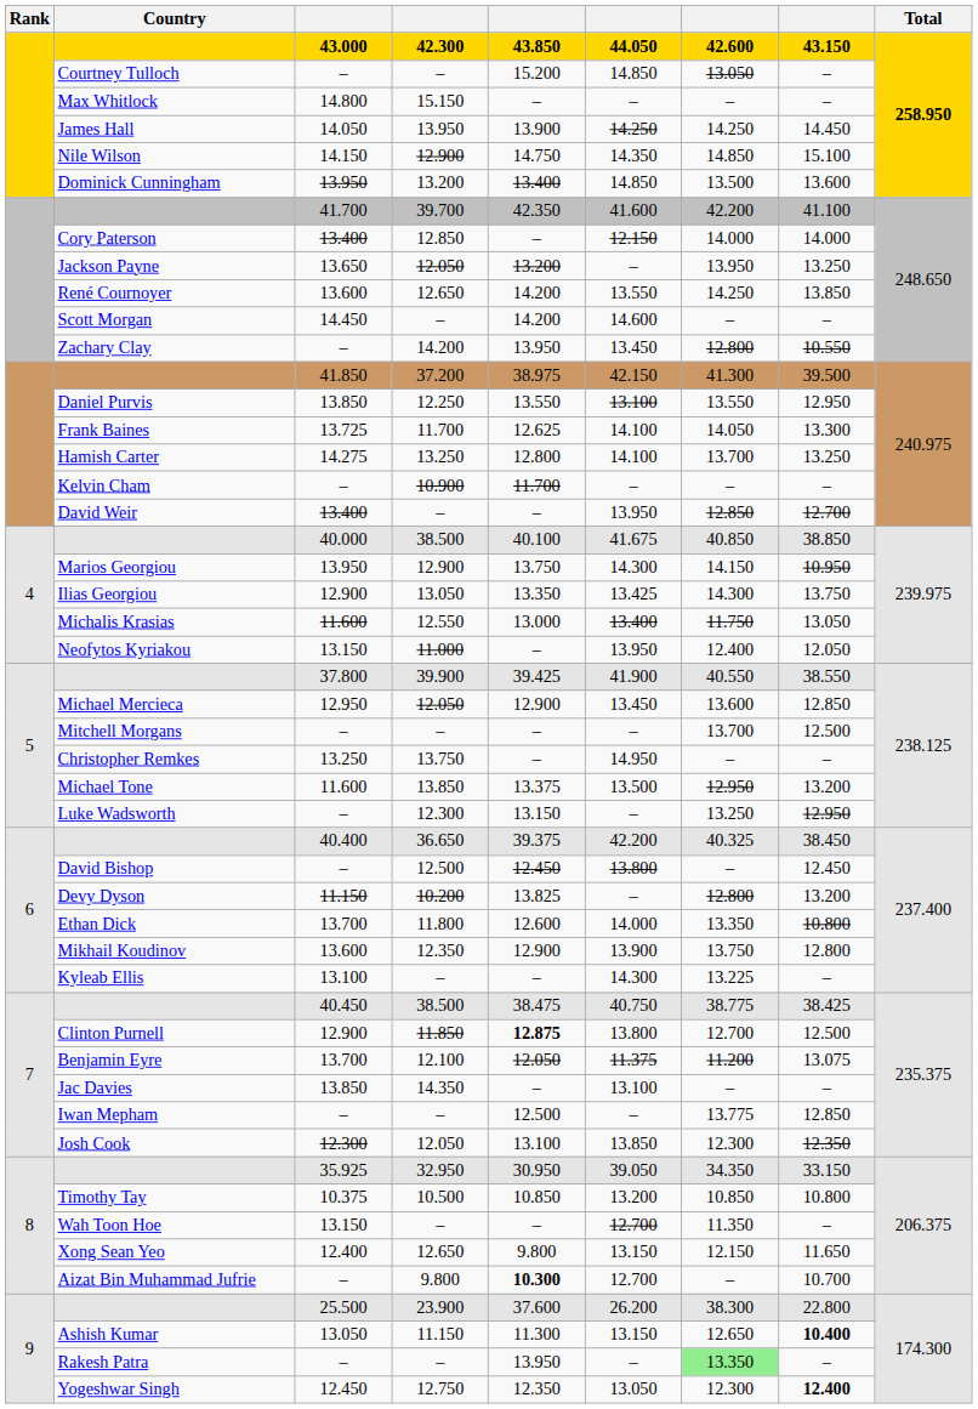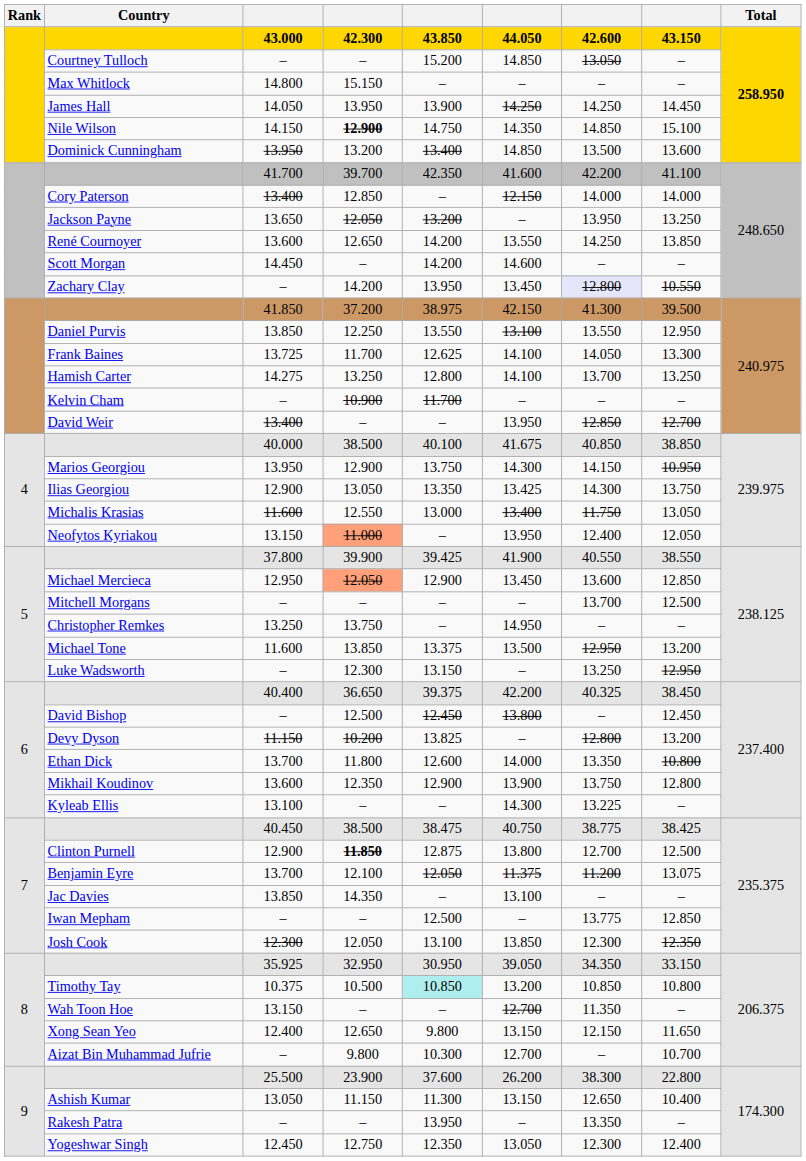 <table class="wikitable">
 <tr>
 <th width="5%">Rank</th>
 <th width="25%">Country</th>
 <th width="10%"></th>
 <th width="10%"></th>
 <th width="10%"></th>
 <th width="10%"></th>
 <th width="10%"></th>
 <th width="10%"></th>
 <th width="10%">Total</th>
 </tr>
 <tr bgcolor=gold>
 <td rowspan=6 align="center"></td>
 <td><strong></strong></td>
 <td align="center"><strong>43.000</strong></td>
 <td align="center"><strong>42.300</strong></td>
 <td align="center"><strong>43.850</strong></td>
 <td align="center"><strong>44.050</strong></td>
 <td align="center"><strong>42.600</strong></td>
 <td align="center"><strong>43.150</strong></td>
 <td align="center" rowspan=6><strong>258.950</strong></td>
 </tr>
 <tr>
 <td><a href='#'>Courtney Tulloch</a></td>
 <td align="center">–</td>
 <td align="center">–</td>
 <td align="center">15.200</td>
 <td align="center">14.850</td>
 <td align="center"><s>13.050</s></td>
 <td align="center">–</td>
 </tr>
 <tr>
 <td><a href='#'>Max Whitlock</a></td>
 <td align="center">14.800</td>
 <td align="center">15.150</td>
 <td align="center">–</td>
 <td align="center">–</td>
 <td align="center">–</td>
 <td align="center">–</td>
 </tr>
 <tr>
 <td><a href='#'>James Hall</a></td>
 <td align="center">14.050</td>
 <td align="center">13.950</td>
 <td align="center">13.900</td>
 <td align="center"><s>14.250</s></td>
 <td align="center">14.250</td>
 <td align="center">14.450</td>
 </tr>
 <tr>
 <td><a href='#'>Nile Wilson</a></td>
 <td align="center">14.150</td>
-<td align="center"><s>12.900</s></td>
+<td align="center"><strong><s>12.900</s></strong></td>
 <td align="center">14.750</td>
 <td align="center">14.350</td>
 <td align="center">14.850</td>
 <td align="center">15.100</td>
 </tr>
 <tr>
 <td><a href='#'>Dominick Cunningham</a></td>
 <td align="center"><s>13.950</s></td>
 <td align="center">13.200</td>
 <td align="center"><s>13.400</s></td>
 <td align="center">14.850</td>
 <td align="center">13.500</td>
 <td align="center">13.600</td>
 </tr>
 <tr bgcolor=silver>
 <td rowspan=6 align="center"></td>
 <td><strong></strong></td>
 <td align="center">41.700</td>
 <td align="center">39.700</td>
 <td align="center">42.350</td>
 <td align="center">41.600</td>
 <td align="center">42.200</td>
 <td align="center">41.100</td>
 <td align="center" rowspan=6>248.650</td>
 </tr>
 <tr>
 <td><a href='#'>Cory Paterson</a></td>
 <td align="center"><s>13.400</s></td>
 <td align="center">12.850</td>
 <td align="center">–</td>
 <td align="center"><s>12.150</s></td>
 <td align="center">14.000</td>
 <td align="center">14.000</td>
 </tr>
 <tr>
 <td><a href='#'>Jackson Payne</a></td>
 <td align="center">13.650</td>
 <td align="center"><s>12.050</s></td>
 <td align="center"><s>13.200</s></td>
 <td align="center">–</td>
 <td align="center">13.950</td>
 <td align="center">13.250</td>
 </tr>
 <tr>
 <td><a href='#'>René Cournoyer</a></td>
 <td align="center">13.600</td>
 <td align="center">12.650</td>
 <td align="center">14.200</td>
 <td align="center">13.550</td>
 <td align="center">14.250</td>
 <td align="center">13.850</td>
 </tr>
 <tr>
 <td><a href='#'>Scott Morgan</a></td>
 <td align="center">14.450</td>
 <td align="center">–</td>
 <td align="center">14.200</td>
 <td align="center">14.600</td>
 <td align="center">–</td>
 <td align="center">–</td>
 </tr>
 <tr>
 <td><a href='#'>Zachary Clay</a></td>
 <td align="center">–</td>
 <td align="center">14.200</td>
 <td align="center">13.950</td>
 <td align="center">13.450</td>
-<td align="center"><s>12.800</s></td>
+<td align="center" style="background: lavender;"><s>12.800</s></td>
 <td align="center"><s>10.550</s></td>
 </tr>
 <tr bgcolor=cc9966>
 <td rowspan=6 align="center"></td>
 <td><strong></strong></td>
 <td align="center">41.850</td>
 <td align="center">37.200</td>
 <td align="center">38.975</td>
 <td align="center">42.150</td>
 <td align="center">41.300</td>
 <td align="center">39.500</td>
 <td align="center" rowspan=6>240.975</td>
 </tr>
 <tr>
 <td><a href='#'>Daniel Purvis</a></td>
 <td align="center">13.850</td>
 <td align="center">12.250</td>
 <td align="center">13.550</td>
 <td align="center"><s>13.100</s></td>
 <td align="center">13.550</td>
 <td align="center">12.950</td>
 </tr>
 <tr>
 <td><a href='#'>Frank Baines</a></td>
 <td align="center">13.725</td>
 <td align="center">11.700</td>
 <td align="center">12.625</td>
 <td align="center">14.100</td>
 <td align="center">14.050</td>
 <td align="center">13.300</td>
 </tr>
 <tr>
 <td><a href='#'>Hamish Carter</a></td>
 <td align="center">14.275</td>
 <td align="center">13.250</td>
 <td align="center">12.800</td>
 <td align="center">14.100</td>
 <td align="center">13.700</td>
 <td align="center">13.250</td>
 </tr>
 <tr>
 <td><a href='#'>Kelvin Cham</a></td>
 <td align="center">–</td>
 <td align="center"><s>10.900</s></td>
 <td align="center"><s>11.700</s></td>
 <td align="center">–</td>
 <td align="center">–</td>
 <td align="center">–</td>
 </tr>
 <tr>
 <td><a href='#'>David Weir</a></td>
 <td align="center"><s>13.400</s></td>
 <td align="center">–</td>
 <td align="center">–</td>
 <td align="center">13.950</td>
 <td align="center"><s>12.850</s></td>
 <td align="center"><s>12.700</s></td>
 </tr>
 <tr bgcolor=e5e5e5>
 <td rowspan=5 align="center">4</td>
 <td><strong></strong></td>
 <td align="center">40.000</td>
 <td align="center">38.500</td>
 <td align="center">40.100</td>
 <td align="center">41.675</td>
 <td align="center">40.850</td>
 <td align="center">38.850</td>
 <td align="center" rowspan=5>239.975</td>
 </tr>
 <tr>
 <td><a href='#'>Marios Georgiou</a></td>
 <td align="center">13.950</td>
 <td align="center">12.900</td>
 <td align="center">13.750</td>
 <td align="center">14.300</td>
 <td align="center">14.150</td>
 <td align="center"><s>10.950</s></td>
 </tr>
 <tr>
 <td><a href='#'>Ilias Georgiou</a></td>
 <td align="center">12.900</td>
 <td align="center">13.050</td>
 <td align="center">13.350</td>
 <td align="center">13.425</td>
 <td align="center">14.300</td>
 <td align="center">13.750</td>
 </tr>
 <tr>
 <td><a href='#'>Michalis Krasias</a></td>
 <td align="center"><s>11.600</s></td>
 <td align="center">12.550</td>
 <td align="center">13.000</td>
 <td align="center"><s>13.400</s></td>
 <td align="center"><s>11.750</s></td>
 <td align="center">13.050</td>
 </tr>
 <tr>
 <td><a href='#'>Neofytos Kyriakou</a></td>
 <td align="center">13.150</td>
-<td align="center"><s>11.000</s></td>
+<td align="center" style="background: lightsalmon;"><s>11.000</s></td>
 <td align="center">–</td>
 <td align="center">13.950</td>
 <td align="center">12.400</td>
 <td align="center">12.050</td>
 </tr>
 <tr bgcolor=e5e5e5>
 <td rowspan=6 align="center">5</td>
 <td bgcolor=e5e5e5><strong></strong></td>
 <td align="center">37.800</td>
 <td align="center">39.900</td>
 <td align="center">39.425</td>
 <td align="center">41.900</td>
 <td align="center">40.550</td>
 <td align="center">38.550</td>
 <td align="center" rowspan=6>238.125</td>
 </tr>
 <tr>
 <td><a href='#'>Michael Mercieca</a></td>
 <td align="center">12.950</td>
-<td align="center"><s>12.050</s></td>
+<td align="center" style="background: lightsalmon;"><s>12.050</s></td>
 <td align="center">12.900</td>
 <td align="center">13.450</td>
 <td align="center">13.600</td>
 <td align="center">12.850</td>
 </tr>
 <tr>
 <td><a href='#'>Mitchell Morgans</a></td>
 <td align="center">–</td>
 <td align="center">–</td>
 <td align="center">–</td>
 <td align="center">–</td>
 <td align="center">13.700</td>
 <td align="center">12.500</td>
 </tr>
 <tr>
 <td><a href='#'>Christopher Remkes</a></td>
 <td align="center">13.250</td>
 <td align="center">13.750</td>
 <td align="center">–</td>
 <td align="center">14.950</td>
 <td align="center">–</td>
 <td align="center">–</td>
 </tr>
 <tr>
 <td><a href='#'>Michael Tone</a></td>
 <td align="center">11.600</td>
 <td align="center">13.850</td>
 <td align="center">13.375</td>
 <td align="center">13.500</td>
 <td align="center"><s>12.950</s></td>
 <td align="center">13.200</td>
 </tr>
 <tr>
 <td><a href='#'>Luke Wadsworth</a></td>
 <td align="center">–</td>
 <td align="center">12.300</td>
 <td align="center">13.150</td>
 <td align="center">–</td>
 <td align="center">13.250</td>
 <td align="center"><s>12.950</s></td>
 </tr>
 <tr bgcolor=e5e5e5>
 <td rowspan=6 align="center">6</td>
 <td><strong></strong></td>
 <td align="center">40.400</td>
 <td align="center">36.650</td>
 <td align="center">39.375</td>
 <td align="center">42.200</td>
 <td align="center">40.325</td>
 <td align="center">38.450</td>
 <td align="center" rowspan=6>237.400</td>
 </tr>
 <tr>
 <td><a href='#'>David Bishop</a></td>
 <td align="center">–</td>
 <td align="center">12.500</td>
 <td align="center"><s>12.450</s></td>
 <td align="center"><s>13.800</s></td>
 <td align="center">–</td>
 <td align="center">12.450</td>
 </tr>
 <tr>
 <td><a href='#'>Devy Dyson</a></td>
 <td align="center"><s>11.150</s></td>
 <td align="center"><s>10.200</s></td>
 <td align="center">13.825</td>
 <td align="center">–</td>
 <td align="center"><s>12.800</s></td>
 <td align="center">13.200</td>
 </tr>
 <tr>
 <td><a href='#'>Ethan Dick</a></td>
 <td align="center">13.700</td>
 <td align="center">11.800</td>
 <td align="center">12.600</td>
 <td align="center">14.000</td>
 <td align="center">13.350</td>
 <td align="center"><s>10.800</s></td>
 </tr>
 <tr>
 <td><a href='#'>Mikhail Koudinov</a></td>
 <td align="center">13.600</td>
 <td align="center">12.350</td>
 <td align="center">12.900</td>
 <td align="center">13.900</td>
 <td align="center">13.750</td>
 <td align="center">12.800</td>
 </tr>
 <tr>
 <td><a href='#'>Kyleab Ellis</a></td>
 <td align="center">13.100</td>
 <td align="center">–</td>
 <td align="center">–</td>
 <td align="center">14.300</td>
 <td align="center">13.225</td>
 <td align="center">–</td>
 </tr>
 <tr bgcolor=e5e5e5>
 <td rowspan=6 align="center">7</td>
 <td><strong></strong></td>
 <td align="center">40.450</td>
 <td align="center">38.500</td>
 <td align="center">38.475</td>
 <td align="center">40.750</td>
 <td align="center">38.775</td>
 <td align="center">38.425</td>
 <td align="center" rowspan=6>235.375</td>
 </tr>
 <tr>
 <td><a href='#'>Clinton Purnell</a></td>
 <td align="center">12.900</td>
-<td align="center"><s>11.850</s></td>
-<td align="center"><strong>12.875</strong></td>
+<td align="center"><strong><s>11.850</s></strong></td>
+<td align="center">12.875</td>
 <td align="center">13.800</td>
 <td align="center">12.700</td>
 <td align="center">12.500</td>
 </tr>
 <tr>
 <td><a href='#'>Benjamin Eyre</a></td>
 <td align="center">13.700</td>
 <td align="center">12.100</td>
 <td align="center"><s>12.050</s></td>
 <td align="center"><s>11.375</s></td>
 <td align="center"><s>11.200</s></td>
 <td align="center">13.075</td>
 </tr>
 <tr>
 <td><a href='#'>Jac Davies</a></td>
 <td align="center">13.850</td>
 <td align="center">14.350</td>
 <td align="center">–</td>
 <td align="center">13.100</td>
 <td align="center">–</td>
 <td align="center">–</td>
 </tr>
 <tr>
 <td><a href='#'>Iwan Mepham</a></td>
 <td align="center">–</td>
 <td align="center">–</td>
 <td align="center">12.500</td>
 <td align="center">–</td>
 <td align="center">13.775</td>
 <td align="center">12.850</td>
 </tr>
 <tr>
 <td><a href='#'>Josh Cook</a></td>
 <td align="center"><s>12.300</s></td>
 <td align="center">12.050</td>
 <td align="center">13.100</td>
 <td align="center">13.850</td>
 <td align="center">12.300</td>
 <td align="center"><s>12.350</s></td>
 </tr>
 <tr bgcolor=e5e5e5>
 <td rowspan=5 align="center">8</td>
 <td><strong></strong></td>
 <td align="center">35.925</td>
 <td align="center">32.950</td>
 <td align="center">30.950</td>
 <td align="center">39.050</td>
 <td align="center">34.350</td>
 <td align="center">33.150</td>
 <td align="center" rowspan=5>206.375</td>
 </tr>
 <tr>
 <td><a href='#'>Timothy Tay</a></td>
 <td align="center">10.375</td>
 <td align="center">10.500</td>
-<td align="center">10.850</td>
+<td align="center" style="background: paleturquoise;">10.850</td>
 <td align="center">13.200</td>
 <td align="center">10.850</td>
 <td align="center">10.800</td>
 </tr>
 <tr>
 <td><a href='#'>Wah Toon Hoe</a></td>
 <td align="center">13.150</td>
 <td align="center">–</td>
 <td align="center">–</td>
 <td align="center"><s>12.700</s></td>
 <td align="center">11.350</td>
 <td align="center">–</td>
 </tr>
 <tr>
 <td><a href='#'>Xong Sean Yeo</a></td>
 <td align="center">12.400</td>
 <td align="center">12.650</td>
 <td align="center">9.800</td>
 <td align="center">13.150</td>
 <td align="center">12.150</td>
 <td align="center">11.650</td>
 </tr>
 <tr>
 <td><a href='#'>Aizat Bin Muhammad Jufrie</a></td>
 <td align="center">–</td>
 <td align="center">9.800</td>
-<td align="center"><strong>10.300</strong></td>
+<td align="center">10.300</td>
 <td align="center">12.700</td>
 <td align="center">–</td>
 <td align="center">10.700</td>
 </tr>
 <tr bgcolor=e5e5e5>
 <td rowspan=4 align="center">9</td>
 <td><strong></strong></td>
 <td align="center">25.500</td>
 <td align="center">23.900</td>
 <td align="center">37.600</td>
 <td align="center">26.200</td>
 <td align="center">38.300</td>
 <td align="center">22.800</td>
 <td align="center" rowspan=4>174.300</td>
 </tr>
 <tr>
 <td><a href='#'>Ashish Kumar</a></td>
 <td align="center">13.050</td>
 <td align="center">11.150</td>
 <td align="center">11.300</td>
 <td align="center">13.150</td>
 <td align="center">12.650</td>
-<td align="center"><strong>10.400</strong></td>
+<td align="center">10.400</td>
 </tr>
 <tr>
 <td><a href='#'>Rakesh Patra</a></td>
 <td align="center">–</td>
 <td align="center">–</td>
 <td align="center">13.950</td>
 <td align="center">–</td>
-<td align="center" style="background: lightgreen;">13.350</td>
+<td align="center">13.350</td>
 <td align="center">–</td>
 </tr>
 <tr>
 <td><a href='#'>Yogeshwar Singh</a></td>
 <td align="center">12.450</td>
 <td align="center">12.750</td>
 <td align="center">12.350</td>
 <td align="center">13.050</td>
 <td align="center">12.300</td>
-<td align="center"><strong>12.400</strong></td>
+<td align="center">12.400</td>
 </tr>
 </table>
